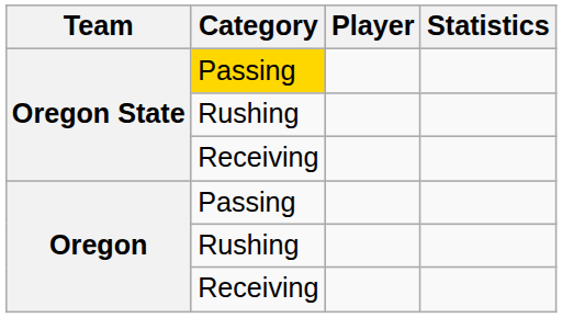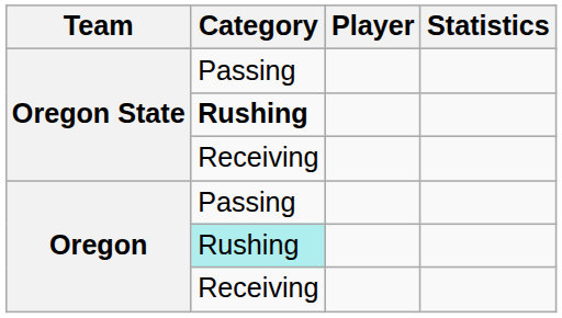 <table class="wikitable" style="float:right">
 <tr>
 <th>Team</th>
 <th>Category</th>
 <th>Player</th>
 <th>Statistics</th>
 </tr>
 <tr>
 <th rowspan=3>Oregon State</th>
-<td style="background: gold;">Passing</td>
+<td>Passing</td>
 <td></td>
 <td></td>
 </tr>
 <tr>
-<td>Rushing</td>
+<td><strong>Rushing</strong></td>
 <td></td>
 <td></td>
 </tr>
 <tr>
 <td>Receiving</td>
 <td></td>
 <td></td>
 </tr>
 <tr>
 <th rowspan=3>Oregon</th>
 <td>Passing</td>
 <td></td>
 <td></td>
 </tr>
 <tr>
-<td>Rushing</td>
+<td style="background: paleturquoise;">Rushing</td>
 <td></td>
 <td></td>
 </tr>
 <tr>
 <td>Receiving</td>
 <td></td>
 <td></td>
 </tr>
 </table>
